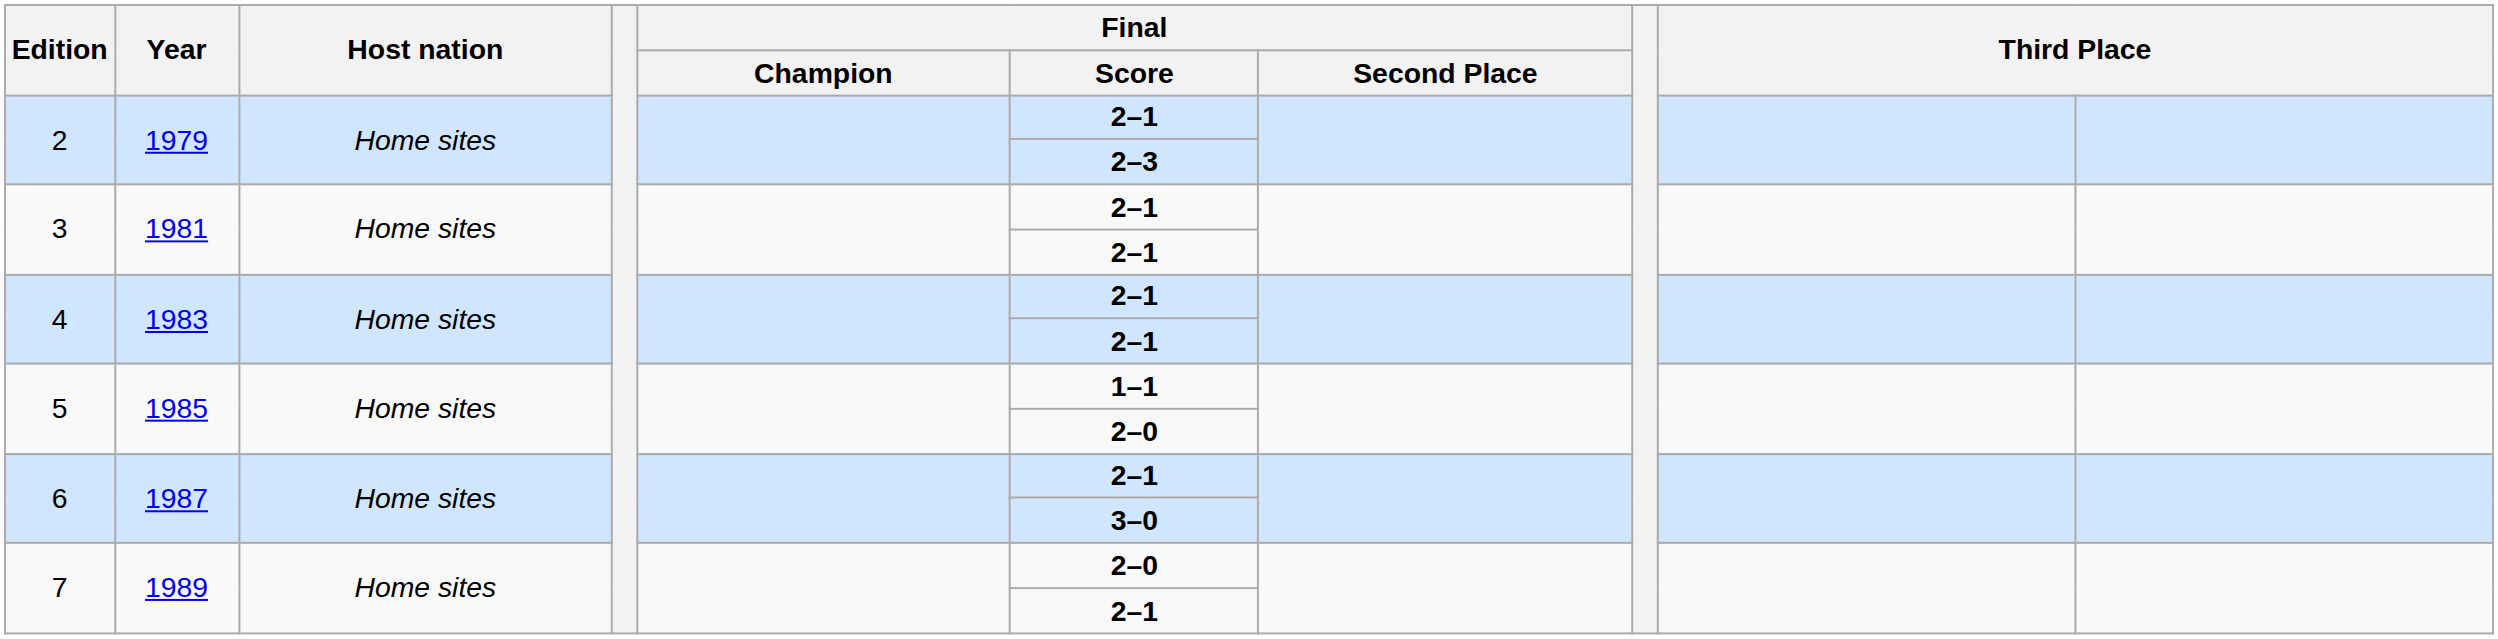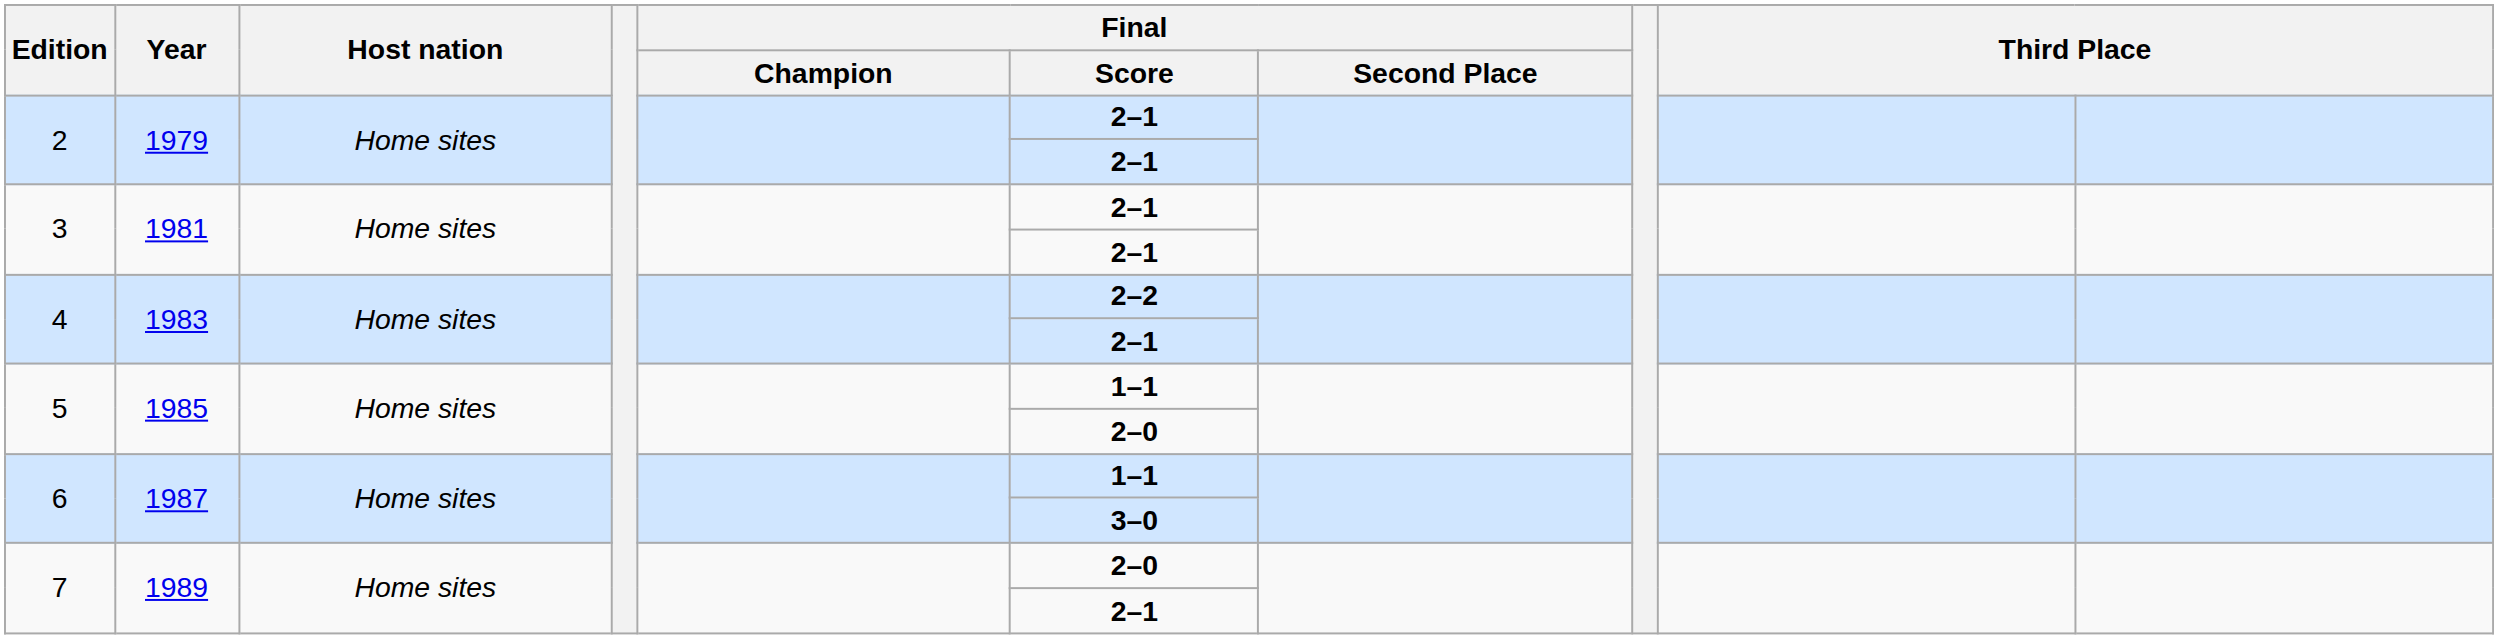 <table class="wikitable" style="font-size:90%; width:100%; text-align:center;">
 <tr>
 <th rowspan=2 width="3%">Edition</th>
 <th rowspan=2 width="5%">Year</th>
 <th rowspan=2 width="15%">Host nation</th>
 <th width=1% rowspan=14></th>
 <th colspan=3>Final</th>
 <th width=1% rowspan=14></th>
 <th rowspan=2 colspan=2>Third Place</th>
 </tr>
 <tr>
 <th width="15%">Champion</th>
 <th width="10%">Score</th>
 <th width="15%">Second Place</th>
 </tr>
 <tr style="background: #D0E6FF;">
 <td rowspan=2>2</td>
 <td rowspan=2><a href='#'>1979</a></td>
 <td rowspan=2> <em>Home sites</em></td>
 <td rowspan=2><strong></strong></td>
 <td><strong>2–1</strong></td>
 <td rowspan=2></td>
 <td rowspan=2></td>
 <td rowspan=2></td>
 </tr>
 <tr style="background: #D0E6FF;">
-<td><strong>2–3</strong></td>
+<td><strong>2–1</strong></td>
 </tr>
 <tr>
 <td rowspan=2>3</td>
 <td rowspan=2><a href='#'>1981</a></td>
 <td rowspan=2> <em>Home sites</em></td>
 <td rowspan=2><strong></strong></td>
 <td><strong>2–1</strong></td>
 <td rowspan=2></td>
 <td rowspan=2></td>
 <td rowspan=2></td>
 </tr>
 <tr>
 <td><strong>2–1</strong></td>
 </tr>
 <tr style="background: #D0E6FF;">
 <td rowspan=2>4</td>
 <td rowspan=2><a href='#'>1983</a></td>
 <td rowspan=2> <em>Home sites</em></td>
 <td rowspan=2><strong></strong></td>
-<td><strong>2–1</strong></td>
+<td><strong>2–2</strong></td>
 <td rowspan=2></td>
 <td rowspan=2></td>
 <td rowspan=2></td>
 </tr>
 <tr style="background: #D0E6FF;">
 <td><strong>2–1</strong></td>
 </tr>
 <tr>
 <td rowspan=2>5</td>
 <td rowspan=2><a href='#'>1985</a></td>
 <td rowspan=2> <em>Home sites</em></td>
 <td rowspan=2><strong></strong></td>
 <td><strong>1–1</strong></td>
 <td rowspan=2></td>
 <td rowspan=2></td>
 <td rowspan=2></td>
 </tr>
 <tr>
 <td><strong>2–0</strong></td>
 </tr>
 <tr style="background: #D0E6FF;">
 <td rowspan=2>6</td>
 <td rowspan=2><a href='#'>1987</a></td>
 <td rowspan=2> <em>Home sites</em></td>
 <td rowspan=2><strong></strong></td>
-<td><strong>2–1</strong></td>
+<td><strong>1–1</strong></td>
 <td rowspan=2></td>
 <td rowspan=2></td>
 <td rowspan=2></td>
 </tr>
 <tr style="background: #D0E6FF;">
 <td><strong>3–0</strong></td>
 </tr>
 <tr>
 <td rowspan=2>7</td>
 <td rowspan=2><a href='#'>1989</a></td>
 <td rowspan=2> <em>Home sites</em></td>
 <td rowspan=2><strong></strong></td>
 <td><strong>2–0</strong></td>
 <td rowspan=2></td>
 <td rowspan=2></td>
 <td rowspan=2></td>
 </tr>
 <tr>
 <td><strong>2–1</strong></td>
 </tr>
 </table>
